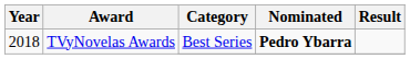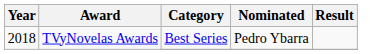 <table class="wikitable plainrowheaders">
 <tr>
 <th scope="col">Year</th>
 <th scope="col">Award</th>
 <th scope="col">Category</th>
 <th scope="col">Nominated</th>
 <th scope="col">Result</th>
 </tr>
 <tr>
 <td rowspan="3">2018</td>
 <td rowspan="3"><a href='#'>TVyNovelas Awards</a></td>
 <td><a href='#'>Best Series</a></td>
-<td><strong>Pedro Ybarra</strong></td>
+<td>Pedro Ybarra</td>
 <td></td>
 </tr>
 <tr>
 </tr>
 </table>
